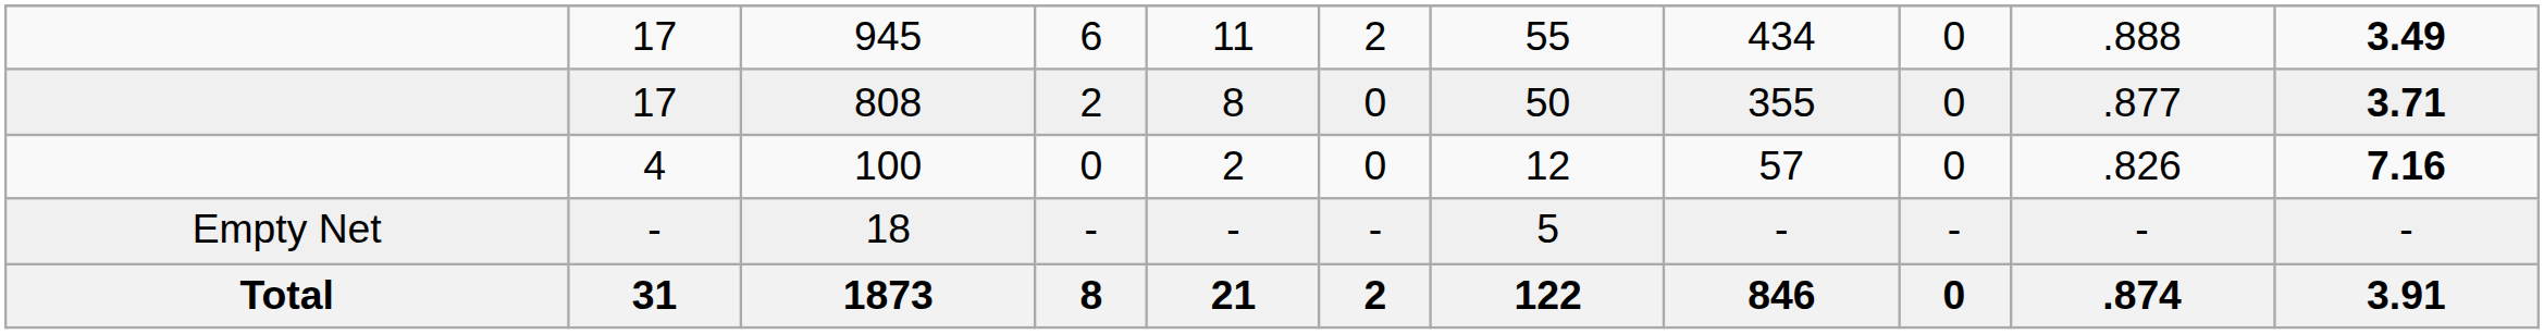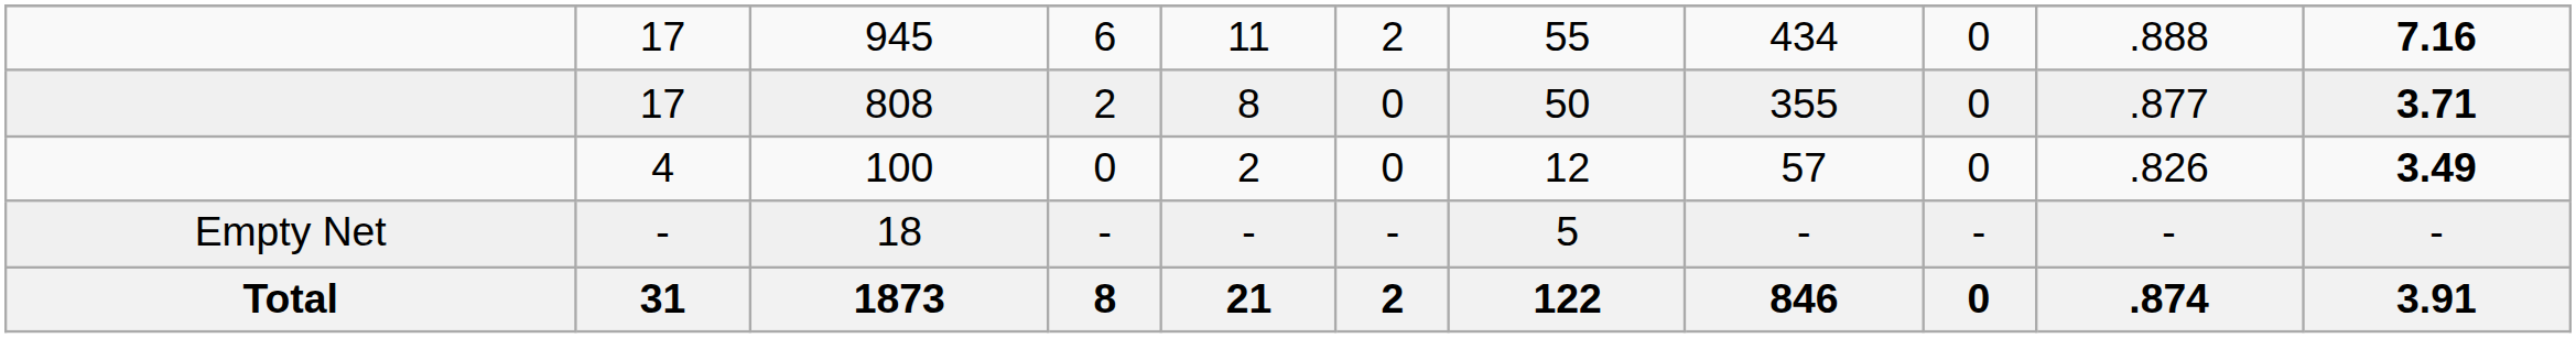 <table class="wikitable sortable" width ="1000">
 <tr align="center">
 </tr>
 <tr align="center" bgcolor="">
 <td></td>
 <td>17</td>
 <td>945</td>
 <td>6</td>
 <td>11</td>
 <td>2</td>
 <td>55</td>
 <td>434</td>
 <td>0</td>
 <td>.888</td>
-<td><strong>3.49</strong></td>
+<td><strong>7.16</strong></td>
 </tr>
 <tr align="center" bgcolor="f0f0f0">
 <td></td>
 <td>17</td>
 <td>808</td>
 <td>2</td>
 <td>8</td>
 <td>0</td>
 <td>50</td>
 <td>355</td>
 <td>0</td>
 <td>.877</td>
 <td><strong>3.71</strong></td>
 </tr>
 <tr align="center" bgcolor="">
 <td></td>
 <td>4</td>
 <td>100</td>
 <td>0</td>
 <td>2</td>
 <td>0</td>
 <td>12</td>
 <td>57</td>
 <td>0</td>
 <td>.826</td>
-<td><strong>7.16</strong></td>
+<td><strong>3.49</strong></td>
 </tr>
 <tr align="center" bgcolor="f0f0f0">
 <td>Empty Net</td>
 <td>-</td>
 <td>18</td>
 <td>-</td>
 <td>-</td>
 <td>-</td>
 <td>5</td>
 <td>-</td>
 <td>-</td>
 <td>-</td>
 <td>-</td>
 </tr>
 <tr>
 <th>Total</th>
 <th>31</th>
 <th>1873</th>
 <th>8</th>
 <th>21</th>
 <th>2</th>
 <th>122</th>
 <th>846</th>
 <th>0</th>
 <th>.874</th>
 <th>3.91</th>
 </tr>
 </table>
